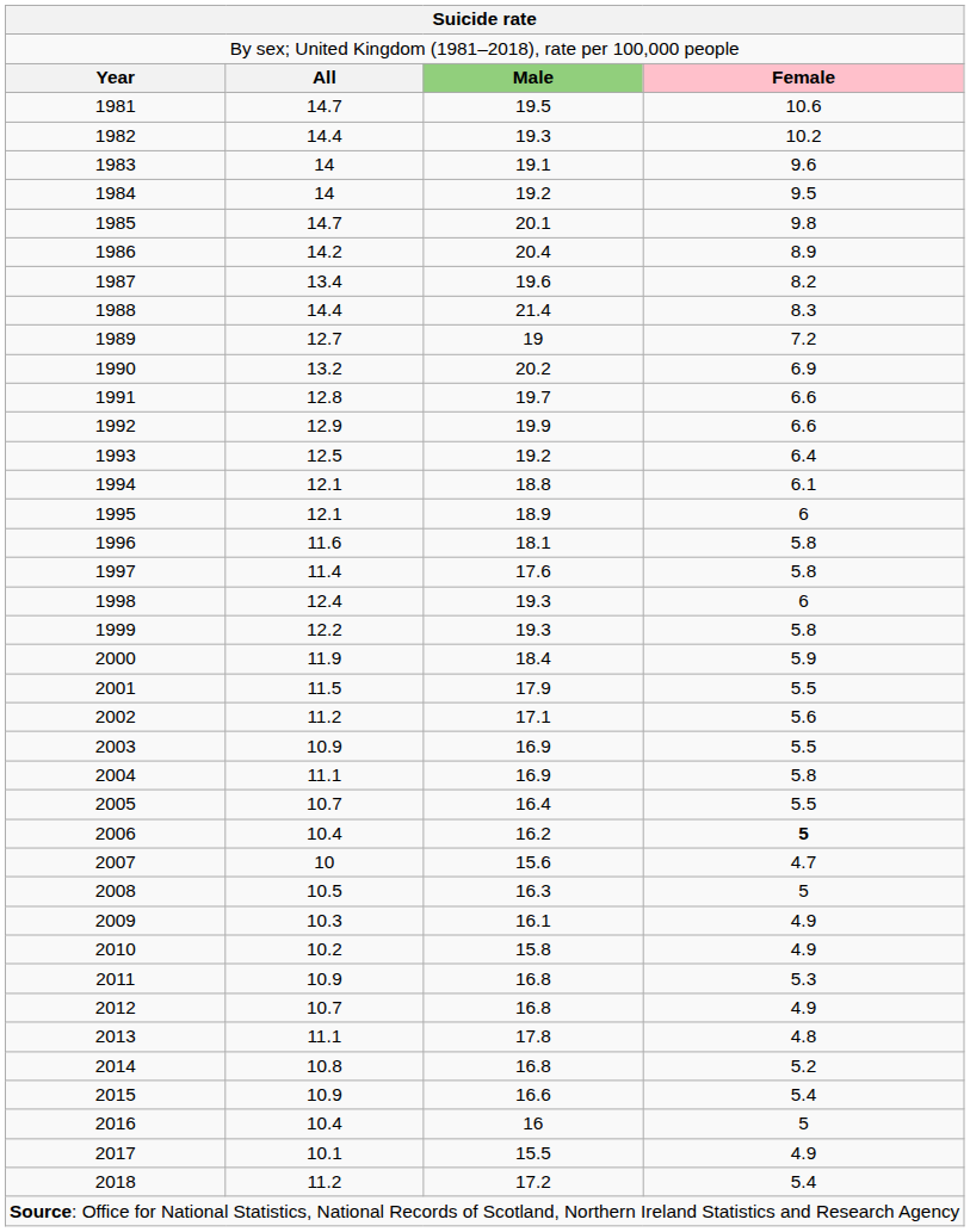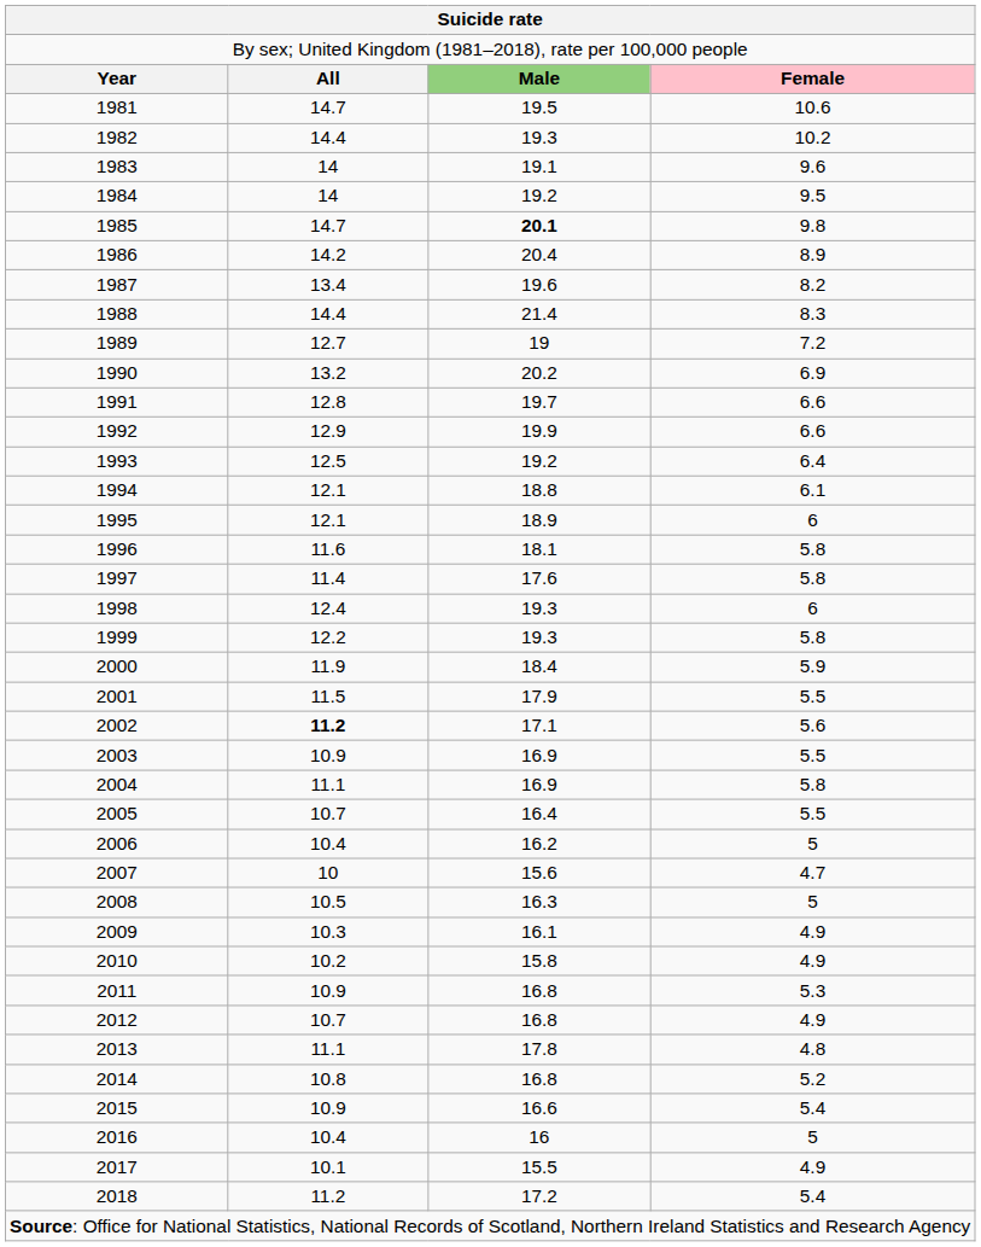 <table class="wikitable mw-collapsible mw-collapsed" style="text-align:center;">
 <tr>
 <th colspan="4">Suicide rate</th>
 </tr>
 <tr>
 <td colspan="4">By sex; United Kingdom (1981–2018), rate per 100,000 people</td>
 </tr>
 <tr>
 <th>Year</th>
 <th>All</th>
 <th style="background:#91CF7C;">Male</th>
 <th style="background:pink;">Female</th>
 </tr>
 <tr>
 <td>1981</td>
 <td>14.7</td>
 <td>19.5</td>
 <td>10.6</td>
 </tr>
 <tr>
 <td>1982</td>
 <td>14.4</td>
 <td>19.3</td>
 <td>10.2</td>
 </tr>
 <tr>
 <td>1983</td>
 <td>14</td>
 <td>19.1</td>
 <td>9.6</td>
 </tr>
 <tr>
 <td>1984</td>
 <td>14</td>
 <td>19.2</td>
 <td>9.5</td>
 </tr>
 <tr>
 <td>1985</td>
 <td>14.7</td>
-<td>20.1</td>
+<td><strong>20.1</strong></td>
 <td>9.8</td>
 </tr>
 <tr>
 <td>1986</td>
 <td>14.2</td>
 <td>20.4</td>
 <td>8.9</td>
 </tr>
 <tr>
 <td>1987</td>
 <td>13.4</td>
 <td>19.6</td>
 <td>8.2</td>
 </tr>
 <tr>
 <td>1988</td>
 <td>14.4</td>
 <td>21.4</td>
 <td>8.3</td>
 </tr>
 <tr>
 <td>1989</td>
 <td>12.7</td>
 <td>19</td>
 <td>7.2</td>
 </tr>
 <tr>
 <td>1990</td>
 <td>13.2</td>
 <td>20.2</td>
 <td>6.9</td>
 </tr>
 <tr>
 <td>1991</td>
 <td>12.8</td>
 <td>19.7</td>
 <td>6.6</td>
 </tr>
 <tr>
 <td>1992</td>
 <td>12.9</td>
 <td>19.9</td>
 <td>6.6</td>
 </tr>
 <tr>
 <td>1993</td>
 <td>12.5</td>
 <td>19.2</td>
 <td>6.4</td>
 </tr>
 <tr>
 <td>1994</td>
 <td>12.1</td>
 <td>18.8</td>
 <td>6.1</td>
 </tr>
 <tr>
 <td>1995</td>
 <td>12.1</td>
 <td>18.9</td>
 <td>6</td>
 </tr>
 <tr>
 <td>1996</td>
 <td>11.6</td>
 <td>18.1</td>
 <td>5.8</td>
 </tr>
 <tr>
 <td>1997</td>
 <td>11.4</td>
 <td>17.6</td>
 <td>5.8</td>
 </tr>
 <tr>
 <td>1998</td>
 <td>12.4</td>
 <td>19.3</td>
 <td>6</td>
 </tr>
 <tr>
 <td>1999</td>
 <td>12.2</td>
 <td>19.3</td>
 <td>5.8</td>
 </tr>
 <tr>
 <td>2000</td>
 <td>11.9</td>
 <td>18.4</td>
 <td>5.9</td>
 </tr>
 <tr>
 <td>2001</td>
 <td>11.5</td>
 <td>17.9</td>
 <td>5.5</td>
 </tr>
 <tr>
 <td>2002</td>
-<td>11.2</td>
+<td><strong>11.2</strong></td>
 <td>17.1</td>
 <td>5.6</td>
 </tr>
 <tr>
 <td>2003</td>
 <td>10.9</td>
 <td>16.9</td>
 <td>5.5</td>
 </tr>
 <tr>
 <td>2004</td>
 <td>11.1</td>
 <td>16.9</td>
 <td>5.8</td>
 </tr>
 <tr>
 <td>2005</td>
 <td>10.7</td>
 <td>16.4</td>
 <td>5.5</td>
 </tr>
 <tr>
 <td>2006</td>
 <td>10.4</td>
 <td>16.2</td>
-<td><strong>5</strong></td>
+<td>5</td>
 </tr>
 <tr>
 <td>2007</td>
 <td>10</td>
 <td>15.6</td>
 <td>4.7</td>
 </tr>
 <tr>
 <td>2008</td>
 <td>10.5</td>
 <td>16.3</td>
 <td>5</td>
 </tr>
 <tr>
 <td>2009</td>
 <td>10.3</td>
 <td>16.1</td>
 <td>4.9</td>
 </tr>
 <tr>
 <td>2010</td>
 <td>10.2</td>
 <td>15.8</td>
 <td>4.9</td>
 </tr>
 <tr>
 <td>2011</td>
 <td>10.9</td>
 <td>16.8</td>
 <td>5.3</td>
 </tr>
 <tr>
 <td>2012</td>
 <td>10.7</td>
 <td>16.8</td>
 <td>4.9</td>
 </tr>
 <tr>
 <td>2013</td>
 <td>11.1</td>
 <td>17.8</td>
 <td>4.8</td>
 </tr>
 <tr>
 <td>2014</td>
 <td>10.8</td>
 <td>16.8</td>
 <td>5.2</td>
 </tr>
 <tr>
 <td>2015</td>
 <td>10.9</td>
 <td>16.6</td>
 <td>5.4</td>
 </tr>
 <tr>
 <td>2016</td>
 <td>10.4</td>
 <td>16</td>
 <td>5</td>
 </tr>
 <tr>
 <td>2017</td>
 <td>10.1</td>
 <td>15.5</td>
 <td>4.9</td>
 </tr>
 <tr>
 <td>2018</td>
 <td>11.2</td>
 <td>17.2</td>
 <td>5.4</td>
 </tr>
 <tr>
 <td colspan="4"><strong>Source</strong>: Office for National Statistics, National Records of Scotland, Northern Ireland Statistics and Research Agency</td>
 </tr>
 </table>
